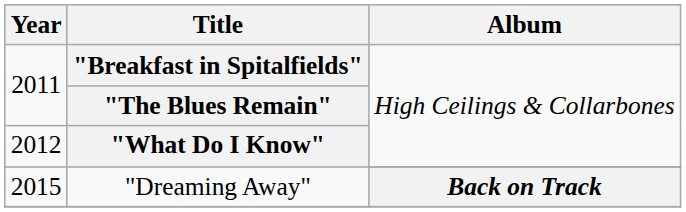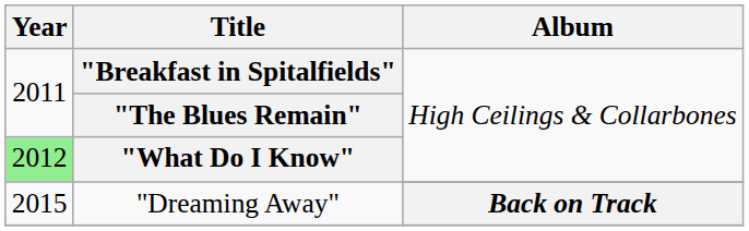 <table class="wikitable plainrowheaders" style="text-align:center;" border="1">
 <tr>
 <th scope="col">Year</th>
 <th scope="col">Title</th>
 <th scope="col">Album</th>
 </tr>
 <tr>
 <td rowspan="2">2011</td>
 <th scope="row">"Breakfast in Spitalfields"</th>
 <td rowspan="3"><em>High Ceilings & Collarbones</em></td>
 </tr>
 <tr>
 <th scope="row">"The Blues Remain"</th>
 </tr>
 <tr>
-<td>2012</td>
+<td style="background: lightgreen;">2012</td>
 <th scope="row">"What Do I Know"</th>
 </tr>
 <tr>
 <td rowspan="2">2015</td>
 <td rowspan="2">"Dreaming Away"</td>
 </tr>
 <tr>
 <th scope="row"><em>Back on Track</em></th>
 </tr>
 <tr>
 </tr>
 </table>
